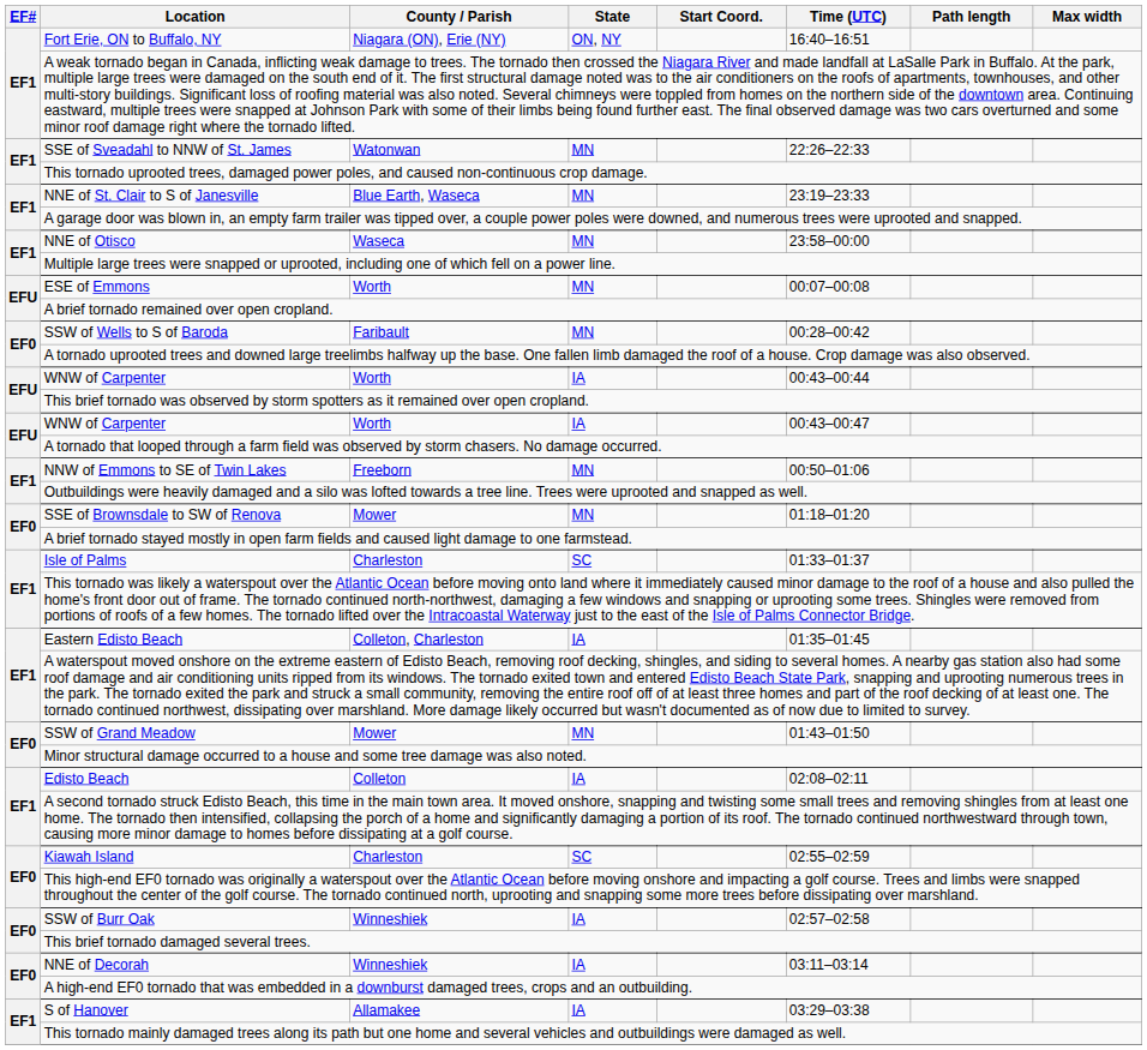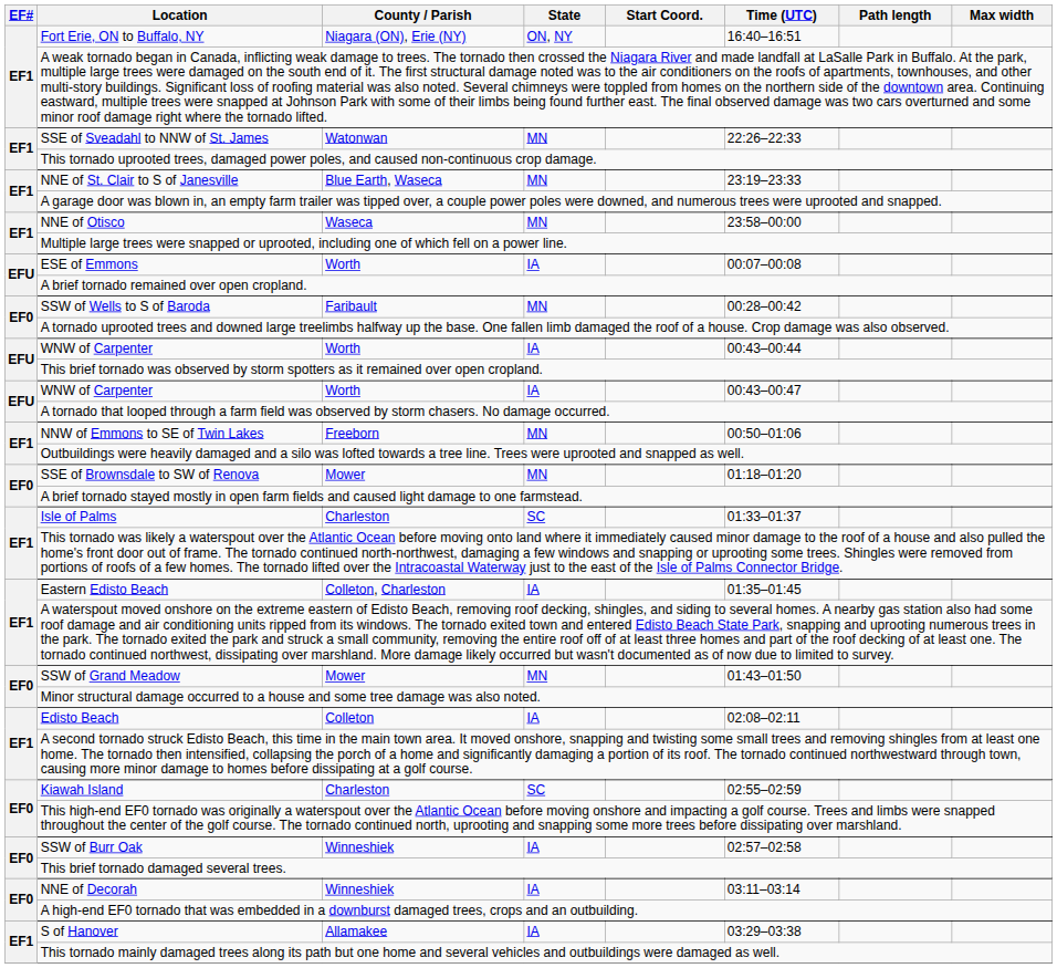 <table class="wikitable sortable" style="width:100%;">
 <tr>
 <th scope="col" width="2%" align="center"><a href='#'>EF#</a></th>
 <th scope="col" align="center" class="unsortable">Location</th>
 <th scope="col" align="center" class="unsortable">County / Parish</th>
 <th scope="col" align="center">State</th>
 <th scope="col" align="center">Start Coord.</th>
 <th scope="col" align="center">Time (<a href='#'>UTC</a>)</th>
 <th scope="col" align="center">Path length</th>
 <th scope="col" align="center">Max width</th>
 </tr>
 <tr>
 <th scope="row" rowspan="2" style="background-color:#">EF1</th>
 <td><a href='#'>Fort Erie, ON</a> to <a href='#'>Buffalo, NY</a></td>
 <td><a href='#'>Niagara (ON)</a>, <a href='#'>Erie (NY)</a></td>
 <td><a href='#'>ON</a>, <a href='#'>NY</a></td>
 <td></td>
 <td>16:40–16:51</td>
 <td></td>
 <td></td>
 </tr>
 <tr class="expand-child">
 <td colspan="8" style=" border-bottom: 1px solid black;">A weak tornado began in Canada, inflicting weak damage to trees. The tornado then crossed the <a href='#'>Niagara River</a> and made landfall at LaSalle Park in Buffalo. At the park, multiple large trees were damaged on the south end of it. The first structural damage noted was to the air conditioners on the roofs of apartments, townhouses, and other multi-story buildings. Significant loss of roofing material was also noted. Several chimneys were toppled from homes on the northern side of the <a href='#'>downtown</a> area. Continuing eastward, multiple trees were snapped at Johnson Park with some of their limbs being found further east. The final observed damage was two cars overturned and some minor roof damage right where the tornado lifted.</td>
 </tr>
 <tr>
 <th scope="row" rowspan="2" style="background-color:#">EF1</th>
 <td>SSE of <a href='#'>Sveadahl</a> to NNW of <a href='#'>St. James</a></td>
 <td><a href='#'>Watonwan</a></td>
 <td><a href='#'>MN</a></td>
 <td></td>
 <td>22:26–22:33</td>
 <td></td>
 <td></td>
 </tr>
 <tr class="expand-child">
 <td colspan="8" style=" border-bottom: 1px solid black;">This tornado uprooted trees, damaged power poles, and caused non-continuous crop damage.</td>
 </tr>
 <tr>
 <th scope="row" rowspan="2" style="background-color:#">EF1</th>
 <td>NNE of <a href='#'>St. Clair</a> to S of <a href='#'>Janesville</a></td>
 <td><a href='#'>Blue Earth</a>, <a href='#'>Waseca</a></td>
 <td><a href='#'>MN</a></td>
 <td></td>
 <td>23:19–23:33</td>
 <td></td>
 <td></td>
 </tr>
 <tr class="expand-child">
 <td colspan="8" style=" border-bottom: 1px solid black;">A garage door was blown in, an empty farm trailer was tipped over, a couple power poles were downed, and numerous trees were uprooted and snapped.</td>
 </tr>
 <tr>
 <th scope="row" rowspan="2" style="background-color:#">EF1</th>
 <td>NNE of <a href='#'>Otisco</a></td>
 <td><a href='#'>Waseca</a></td>
 <td><a href='#'>MN</a></td>
 <td></td>
 <td>23:58–00:00</td>
 <td></td>
 <td></td>
 </tr>
 <tr class="expand-child">
 <td colspan="8" style=" border-bottom: 1px solid black;">Multiple large trees were snapped or uprooted, including one of which fell on a power line.</td>
 </tr>
 <tr>
 <th scope="row" rowspan="2" style="background-color:#">EFU</th>
 <td>ESE of <a href='#'>Emmons</a></td>
 <td><a href='#'>Worth</a></td>
-<td><a href='#'>MN</a></td>
+<td><a href='#'>IA</a></td>
 <td></td>
 <td>00:07–00:08</td>
 <td></td>
 <td></td>
 </tr>
 <tr class="expand-child">
 <td colspan="8" style=" border-bottom: 1px solid black;">A brief tornado remained over open cropland.</td>
 </tr>
 <tr>
 <th scope="row" rowspan="2" style="background-color:#">EF0</th>
 <td>SSW of <a href='#'>Wells</a> to S of <a href='#'>Baroda</a></td>
 <td><a href='#'>Faribault</a></td>
 <td><a href='#'>MN</a></td>
 <td></td>
 <td>00:28–00:42</td>
 <td></td>
 <td></td>
 </tr>
 <tr class="expand-child">
 <td colspan="8" style=" border-bottom: 1px solid black;">A tornado uprooted trees and downed large treelimbs halfway up the base. One fallen limb damaged the roof of a house. Crop damage was also observed.</td>
 </tr>
 <tr>
 <th scope="row" rowspan="2" style="background-color:#">EFU</th>
 <td>WNW of <a href='#'>Carpenter</a></td>
 <td><a href='#'>Worth</a></td>
 <td><a href='#'>IA</a></td>
 <td></td>
 <td>00:43–00:44</td>
 <td></td>
 <td></td>
 </tr>
 <tr class="expand-child">
 <td colspan="8" style=" border-bottom: 1px solid black;">This brief tornado was observed by storm spotters as it remained over open cropland.</td>
 </tr>
 <tr>
 <th scope="row" rowspan="2" style="background-color:#">EFU</th>
 <td>WNW of <a href='#'>Carpenter</a></td>
 <td><a href='#'>Worth</a></td>
 <td><a href='#'>IA</a></td>
 <td></td>
 <td>00:43–00:47</td>
 <td></td>
 <td></td>
 </tr>
 <tr class="expand-child">
 <td colspan="8" style=" border-bottom: 1px solid black;">A tornado that looped through a farm field was observed by storm chasers. No damage occurred.</td>
 </tr>
 <tr>
 <th scope="row" rowspan="2" style="background-color:#">EF1</th>
 <td>NNW of <a href='#'>Emmons</a> to SE of <a href='#'>Twin Lakes</a></td>
 <td><a href='#'>Freeborn</a></td>
 <td><a href='#'>MN</a></td>
 <td></td>
 <td>00:50–01:06</td>
 <td></td>
 <td></td>
 </tr>
 <tr class="expand-child">
 <td colspan="8" style=" border-bottom: 1px solid black;">Outbuildings were heavily damaged and a silo was lofted towards a tree line. Trees were uprooted and snapped as well.</td>
 </tr>
 <tr>
 <th scope="row" rowspan="2" style="background-color:#">EF0</th>
 <td>SSE of <a href='#'>Brownsdale</a> to SW of <a href='#'>Renova</a></td>
 <td><a href='#'>Mower</a></td>
 <td><a href='#'>MN</a></td>
 <td></td>
 <td>01:18–01:20</td>
 <td></td>
 <td></td>
 </tr>
 <tr class="expand-child">
 <td colspan="8" style=" border-bottom: 1px solid black;">A brief tornado stayed mostly in open farm fields and caused light damage to one farmstead.</td>
 </tr>
 <tr>
 <th scope="row" rowspan="2" style="background-color:#">EF1</th>
 <td><a href='#'>Isle of Palms</a></td>
 <td><a href='#'>Charleston</a></td>
 <td><a href='#'>SC</a></td>
 <td></td>
 <td>01:33–01:37</td>
 <td></td>
 <td></td>
 </tr>
 <tr class="expand-child">
 <td colspan="8" style=" border-bottom: 1px solid black;">This tornado was likely a waterspout over the <a href='#'>Atlantic Ocean</a> before moving onto land where it immediately caused minor damage to the roof of a house and also pulled the home's front door out of frame. The tornado continued north-northwest, damaging a few windows and snapping or uprooting some trees. Shingles were removed from portions of roofs of a few homes. The tornado lifted over the <a href='#'>Intracoastal Waterway</a> just to the east of the <a href='#'>Isle of Palms Connector Bridge</a>.</td>
 </tr>
 <tr>
 <th scope="row" rowspan="2" style="background-color:#">EF1</th>
 <td>Eastern <a href='#'>Edisto Beach</a></td>
 <td><a href='#'>Colleton</a>, <a href='#'>Charleston</a></td>
 <td><a href='#'>IA</a></td>
 <td></td>
 <td>01:35–01:45</td>
 <td></td>
 <td></td>
 </tr>
 <tr class="expand-child">
 <td colspan="8" style=" border-bottom: 1px solid black;">A waterspout moved onshore on the extreme eastern of Edisto Beach, removing roof decking, shingles, and siding to several homes. A nearby gas station also had some roof damage and air conditioning units ripped from its windows. The tornado exited town and entered <a href='#'>Edisto Beach State Park</a>, snapping and uprooting numerous trees in the park. The tornado exited the park and struck a small community, removing the entire roof off of at least three homes and part of the roof decking of at least one. The tornado continued northwest, dissipating over marshland. More damage likely occurred but wasn't documented as of now due to limited to survey.</td>
 </tr>
 <tr>
 <th scope="row" rowspan="2" style="background-color:#">EF0</th>
 <td>SSW of <a href='#'>Grand Meadow</a></td>
 <td><a href='#'>Mower</a></td>
 <td><a href='#'>MN</a></td>
 <td></td>
 <td>01:43–01:50</td>
 <td></td>
 <td></td>
 </tr>
 <tr class="expand-child">
 <td colspan="8" style=" border-bottom: 1px solid black;">Minor structural damage occurred to a house and some tree damage was also noted.</td>
 </tr>
 <tr>
 <th scope="row" rowspan="2" style="background-color:#">EF1</th>
 <td><a href='#'>Edisto Beach</a></td>
 <td><a href='#'>Colleton</a></td>
 <td><a href='#'>IA</a></td>
 <td></td>
 <td>02:08–02:11</td>
 <td></td>
 <td></td>
 </tr>
 <tr class="expand-child">
 <td colspan="8" style=" border-bottom: 1px solid black;">A second tornado struck Edisto Beach, this time in the main town area. It moved onshore, snapping and twisting some small trees and removing shingles from at least one home. The tornado then intensified, collapsing the porch of a home and significantly damaging a portion of its roof. The tornado continued northwestward through town, causing more minor damage to homes before dissipating at a golf course.</td>
 </tr>
 <tr>
 <th scope="row" rowspan="2" style="background-color:#">EF0</th>
 <td><a href='#'>Kiawah Island</a></td>
 <td><a href='#'>Charleston</a></td>
 <td><a href='#'>SC</a></td>
 <td></td>
 <td>02:55–02:59</td>
 <td></td>
 <td></td>
 </tr>
 <tr class="expand-child">
 <td colspan="8" style=" border-bottom: 1px solid black;">This high-end EF0 tornado was originally a waterspout over the <a href='#'>Atlantic Ocean</a> before moving onshore and impacting a golf course. Trees and limbs were snapped throughout the center of the golf course. The tornado continued north, uprooting and snapping some more trees before dissipating over marshland.</td>
 </tr>
 <tr>
 <th scope="row" rowspan="2" style="background-color:#">EF0</th>
 <td>SSW of <a href='#'>Burr Oak</a></td>
 <td><a href='#'>Winneshiek</a></td>
 <td><a href='#'>IA</a></td>
 <td></td>
 <td>02:57–02:58</td>
 <td></td>
 <td></td>
 </tr>
 <tr class="expand-child">
 <td colspan="8" style=" border-bottom: 1px solid black;">This brief tornado damaged several trees.</td>
 </tr>
 <tr>
 <th scope="row" rowspan="2" style="background-color:#">EF0</th>
 <td>NNE of <a href='#'>Decorah</a></td>
 <td><a href='#'>Winneshiek</a></td>
 <td><a href='#'>IA</a></td>
 <td></td>
 <td>03:11–03:14</td>
 <td></td>
 <td></td>
 </tr>
 <tr class="expand-child">
 <td colspan="8" style=" border-bottom: 1px solid black;">A high-end EF0 tornado that was embedded in a <a href='#'>downburst</a> damaged trees, crops and an outbuilding.</td>
 </tr>
 <tr>
 <th scope="row" rowspan="2" style="background-color:#">EF1</th>
 <td>S of <a href='#'>Hanover</a></td>
 <td><a href='#'>Allamakee</a></td>
 <td><a href='#'>IA</a></td>
 <td></td>
 <td>03:29–03:38</td>
 <td></td>
 <td></td>
 </tr>
 <tr class="expand-child">
 <td colspan="8" style=" border-bottom: 1px solid black;">This tornado mainly damaged trees along its path but one home and several vehicles and outbuildings were damaged as well.</td>
 </tr>
 <tr>
 </tr>
 </table>
